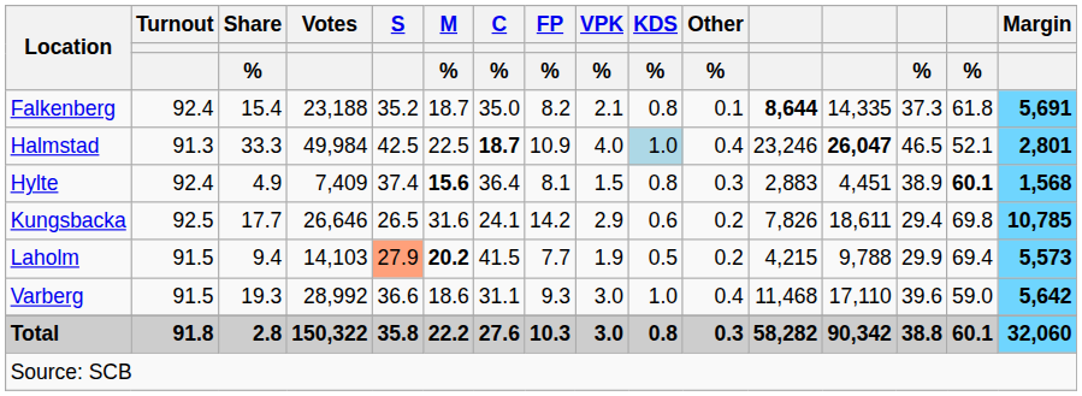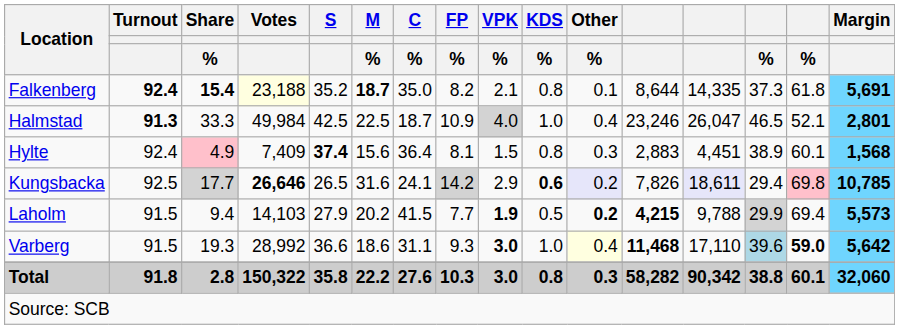 <table class="wikitable sortable" style="text-align:right; font-size:95%; line-height:20px;">
 <tr>
 <th rowspan="3">Location</th>
 <th>Turnout</th>
 <th>Share</th>
 <th>Votes</th>
 <th width="30px" class="unsortable"><a href='#'>S</a></th>
 <th width="30px" class="unsortable"><a href='#'>M</a></th>
 <th width="30px" class="unsortable"><a href='#'>C</a></th>
 <th width="30px" class="unsortable"><a href='#'>FP</a></th>
 <th width="30px" class="unsortable"><a href='#'>VPK</a></th>
 <th width="30px" class="unsortable"><a href='#'>KDS</a></th>
 <th width="30px" class="unsortable">Other</th>
 <th></th>
 <th></th>
 <th></th>
 <th></th>
 <th>Margin</th>
 </tr>
 <tr>
 <th></th>
 <th></th>
 <th></th>
 <th style="background:"></th>
 <th style="background:"></th>
 <th style="background:"></th>
 <th style="background:"></th>
 <th style="background:"></th>
 <th style="background:"></th>
 <th style="background:"></th>
 <th style="background:"></th>
 <th style="background:"></th>
 <th style="background:"></th>
 <th style="background:"></th>
 <th></th>
 </tr>
 <tr>
 <th></th>
 <th data-sort-type="number">%</th>
 <th data-sort-type="number"></th>
 <th></th>
 <th data-sort-type="number">%</th>
 <th data-sort-type="number">%</th>
 <th data-sort-type="number">%</th>
 <th data-sort-type="number">%</th>
 <th data-sort-type="number">%</th>
 <th data-sort-type="number">%</th>
 <th data-sort-type="number"></th>
 <th data-sort-type="number"></th>
 <th data-sort-type="number">%</th>
 <th data-sort-type="number">%</th>
 <th data-sort-type="number"></th>
 </tr>
 <tr>
 <td align=left><a href='#'>Falkenberg</a></td>
-<td>92.4</td>
-<td>15.4</td>
-<td>23,188</td>
+<td><strong>92.4</strong></td>
+<td><strong>15.4</strong></td>
+<td style="background: lightyellow;">23,188</td>
 <td>35.2</td>
-<td>18.7</td>
+<td><strong>18.7</strong></td>
 <td>35.0</td>
 <td>8.2</td>
 <td>2.1</td>
 <td>0.8</td>
 <td>0.1</td>
-<td><strong>8,644</strong></td>
+<td>8,644</td>
 <td>14,335</td>
 <td>37.3</td>
 <td>61.8</td>
 <td bgcolor=#6fd5fe><strong>5,691</strong></td>
 </tr>
 <tr>
 <td align=left><a href='#'>Halmstad</a></td>
-<td>91.3</td>
+<td><strong>91.3</strong></td>
 <td>33.3</td>
 <td>49,984</td>
 <td>42.5</td>
 <td>22.5</td>
-<td><strong>18.7</strong></td>
+<td>18.7</td>
 <td>10.9</td>
-<td>4.0</td>
-<td style="background: lightblue;">1.0</td>
+<td style="background: lightgrey;">4.0</td>
+<td>1.0</td>
 <td>0.4</td>
 <td>23,246</td>
-<td><strong>26,047</strong></td>
+<td>26,047</td>
 <td>46.5</td>
 <td>52.1</td>
 <td bgcolor=#6fd5fe><strong>2,801</strong></td>
 </tr>
 <tr>
 <td align=left><a href='#'>Hylte</a></td>
 <td>92.4</td>
-<td>4.9</td>
+<td style="background: pink;">4.9</td>
 <td>7,409</td>
-<td>37.4</td>
-<td><strong>15.6</strong></td>
+<td><strong>37.4</strong></td>
+<td>15.6</td>
 <td>36.4</td>
 <td>8.1</td>
 <td>1.5</td>
 <td>0.8</td>
 <td>0.3</td>
 <td>2,883</td>
 <td>4,451</td>
 <td>38.9</td>
-<td><strong>60.1</strong></td>
+<td>60.1</td>
 <td bgcolor=#6fd5fe><strong>1,568</strong></td>
 </tr>
 <tr>
 <td align=left><a href='#'>Kungsbacka</a></td>
 <td>92.5</td>
-<td>17.7</td>
-<td>26,646</td>
+<td style="background: lightgrey;">17.7</td>
+<td><strong>26,646</strong></td>
 <td>26.5</td>
 <td>31.6</td>
 <td>24.1</td>
-<td>14.2</td>
+<td style="background: lightgrey;">14.2</td>
 <td>2.9</td>
-<td>0.6</td>
-<td>0.2</td>
+<td><strong>0.6</strong></td>
+<td style="background: lavender;">0.2</td>
 <td>7,826</td>
-<td>18,611</td>
+<td style="background: lavender;">18,611</td>
 <td>29.4</td>
-<td>69.8</td>
+<td style="background: pink;">69.8</td>
 <td bgcolor=#6fd5fe><strong>10,785</strong></td>
 </tr>
 <tr>
 <td align=left><a href='#'>Laholm</a></td>
 <td>91.5</td>
 <td>9.4</td>
 <td>14,103</td>
-<td style="background: lightsalmon;">27.9</td>
-<td><strong>20.2</strong></td>
+<td>27.9</td>
+<td>20.2</td>
 <td>41.5</td>
 <td>7.7</td>
-<td>1.9</td>
+<td><strong>1.9</strong></td>
 <td>0.5</td>
-<td>0.2</td>
-<td>4,215</td>
+<td><strong>0.2</strong></td>
+<td><strong>4,215</strong></td>
 <td>9,788</td>
-<td>29.9</td>
+<td style="background: lightgrey;">29.9</td>
 <td>69.4</td>
 <td bgcolor=#6fd5fe><strong>5,573</strong></td>
 </tr>
 <tr>
 <td align=left><a href='#'>Varberg</a></td>
 <td>91.5</td>
 <td>19.3</td>
 <td>28,992</td>
 <td>36.6</td>
 <td>18.6</td>
 <td>31.1</td>
 <td>9.3</td>
-<td>3.0</td>
+<td><strong>3.0</strong></td>
 <td>1.0</td>
-<td>0.4</td>
-<td>11,468</td>
+<td style="background: lightyellow;">0.4</td>
+<td><strong>11,468</strong></td>
 <td>17,110</td>
-<td>39.6</td>
-<td>59.0</td>
+<td style="background: lightblue;">39.6</td>
+<td><strong>59.0</strong></td>
 <td bgcolor=#6fd5fe><strong>5,642</strong></td>
 </tr>
 <tr>
 </tr>
 <tr style="background:#CDCDCD;">
 <td align=left><strong>Total</strong></td>
 <td><strong>91.8</strong></td>
 <td><strong>2.8</strong></td>
 <td><strong>150,322</strong></td>
 <td><strong>35.8</strong></td>
 <td><strong>22.2</strong></td>
 <td><strong>27.6</strong></td>
 <td><strong>10.3</strong></td>
 <td><strong>3.0</strong></td>
 <td><strong>0.8</strong></td>
 <td><strong>0.3</strong></td>
 <td><strong>58,282</strong></td>
 <td><strong>90,342</strong></td>
 <td><strong>38.8</strong></td>
 <td><strong>60.1</strong></td>
 <td bgcolor=#6fd5fe><strong>32,060</strong></td>
 </tr>
 <tr>
 <td align=left colspan=16>Source: SCB </td>
 </tr>
 </table>
